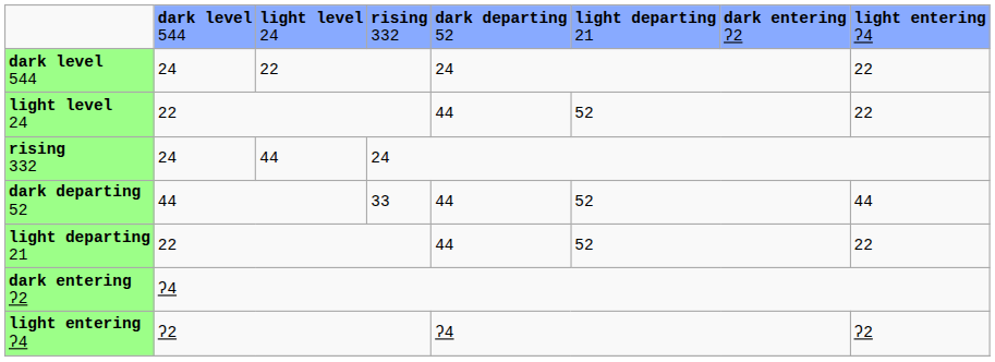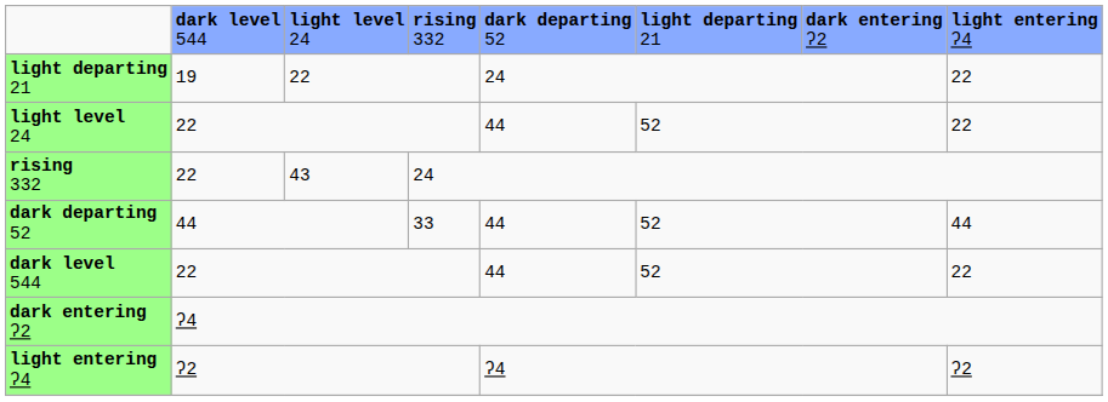 <table class=wikitable>
 <tr>
 <td></td>
 <td bgcolor="#88AAFF"><strong>dark level</strong><br>544</td>
 <td bgcolor="#88AAFF"><strong>light level</strong><br>24</td>
 <td bgcolor="#88AAFF"><strong>rising</strong><br>332</td>
 <td bgcolor="#88AAFF"><strong>dark departing</strong><br>52</td>
 <td bgcolor="#88AAFF"><strong>light departing</strong><br>21</td>
 <td bgcolor="#88AAFF"><strong>dark entering</strong><br><u>ʔ2</u></td>
 <td bgcolor="#88AAFF"><strong>light entering</strong><br><u>ʔ4</u></td>
 </tr>
 <tr>
-<td bgcolor="#9CFF88"><strong>dark level</strong><br>544</td>
-<td>24</td>
+<td bgcolor="#9CFF88"><strong>light departing</strong><br>21</td>
+<td>19</td>
 <td colspan="2">22</td>
 <td colspan="3">24</td>
 <td>22</td>
 </tr>
 <tr>
 <td bgcolor="#9CFF88"><strong>light level</strong><br>24</td>
 <td colspan="3">22</td>
 <td>44</td>
 <td colspan="2">52</td>
 <td>22</td>
 </tr>
 <tr>
 <td bgcolor="#9CFF88"><strong>rising</strong><br>332</td>
-<td>24</td>
-<td>44</td>
+<td>22</td>
+<td>43</td>
 <td colspan="5">24</td>
 </tr>
 <tr>
 <td bgcolor="#9CFF88"><strong>dark departing</strong><br>52</td>
 <td colspan="2">44</td>
 <td>33</td>
 <td>44</td>
 <td colspan="2">52</td>
 <td>44</td>
 </tr>
 <tr>
-<td bgcolor="#9CFF88"><strong>light departing</strong><br>21</td>
+<td bgcolor="#9CFF88"><strong>dark level</strong><br>544</td>
 <td colspan="3">22</td>
 <td>44</td>
 <td colspan="2">52</td>
 <td>22</td>
 </tr>
 <tr>
 <td bgcolor="#9CFF88"><strong>dark entering</strong><br><u>ʔ2</u></td>
 <td colspan="7"><u>ʔ4</u></td>
 </tr>
 <tr>
 <td bgcolor="#9CFF88"><strong>light entering</strong><br><u>ʔ4</u></td>
 <td colspan="3"><u>ʔ2</u></td>
 <td colspan="3"><u>ʔ4</u></td>
 <td><u>ʔ2</u></td>
 </tr>
 <tr>
 </tr>
 </table>
